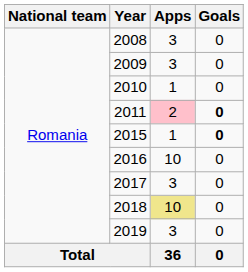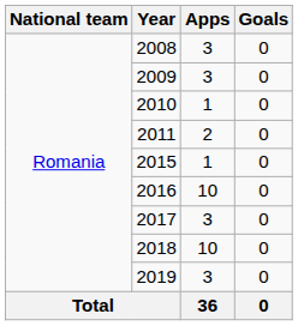 <table class="wikitable" style="text-align:center">
 <tr>
 <th>National team</th>
 <th>Year</th>
 <th>Apps</th>
 <th>Goals</th>
 </tr>
 <tr>
 <td rowspan="9"><a href='#'>Romania</a></td>
 <td>2008</td>
 <td>3</td>
 <td>0</td>
 </tr>
 <tr>
 <td>2009</td>
 <td>3</td>
 <td>0</td>
 </tr>
 <tr>
 <td>2010</td>
 <td>1</td>
 <td>0</td>
 </tr>
 <tr>
 <td>2011</td>
-<td style="background: pink;">2</td>
-<td><strong>0</strong></td>
+<td>2</td>
+<td>0</td>
 </tr>
 <tr>
 <td>2015</td>
 <td>1</td>
-<td><strong>0</strong></td>
+<td>0</td>
 </tr>
 <tr>
 <td>2016</td>
 <td>10</td>
 <td>0</td>
 </tr>
 <tr>
 <td>2017</td>
 <td>3</td>
 <td>0</td>
 </tr>
 <tr>
 <td>2018</td>
-<td style="background: khaki;">10</td>
+<td>10</td>
 <td>0</td>
 </tr>
 <tr>
 <td>2019</td>
 <td>3</td>
 <td>0</td>
 </tr>
 <tr>
 <th colspan=2>Total</th>
 <th>36</th>
 <th>0</th>
 </tr>
 </table>
